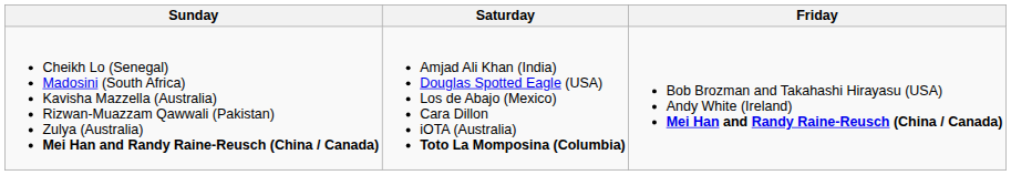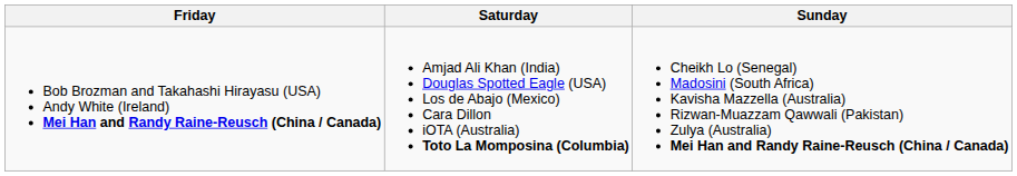 <table class="wikitable">
 <tr>
+<th>Friday</th>
+<th>Saturday</th>
 <th>Sunday</th>
-<th>Saturday</th>
-<th>Friday</th>
 </tr>
 <tr>
+<td><br><ul><li>Bob Brozman and Takahashi Hirayasu (USA)</li><li>Andy White (Ireland)</li><li><strong><a href='#'>Mei Han</a> and <a href='#'>Randy Raine-Reusch</a> (China / Canada)</strong></li></ul></td>
+<td><br><ul><li>Amjad Ali Khan (India)</li><li><a href='#'>Douglas Spotted Eagle</a> (USA)</li><li>Los de Abajo (Mexico)</li><li>Cara Dillon</li><li>iOTA (Australia)</li><li><strong>Toto La Momposina (Columbia)</strong></li></ul></td>
 <td><br><ul><li>Cheikh Lo (Senegal)</li><li><a href='#'>Madosini</a> (South Africa)</li><li>Kavisha Mazzella (Australia)</li><li>Rizwan-Muazzam Qawwali (Pakistan)</li><li>Zulya (Australia)</li><li><strong>Mei Han and Randy Raine-Reusch (China / Canada)</strong></li></ul></td>
-<td><br><ul><li>Amjad Ali Khan (India)</li><li><a href='#'>Douglas Spotted Eagle</a> (USA)</li><li>Los de Abajo (Mexico)</li><li>Cara Dillon</li><li>iOTA (Australia)</li><li><strong>Toto La Momposina (Columbia)</strong></li></ul></td>
-<td><br><ul><li>Bob Brozman and Takahashi Hirayasu (USA)</li><li>Andy White (Ireland)</li><li><strong><a href='#'>Mei Han</a> and <a href='#'>Randy Raine-Reusch</a> (China / Canada)</strong></li></ul></td>
 </tr>
 </table>
